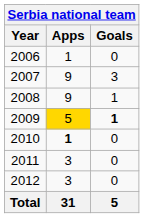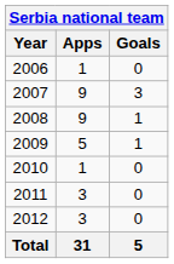 <table class="wikitable" style="text-align:center">
 <tr>
 <th colspan=3><a href='#'>Serbia national team</a></th>
 </tr>
 <tr>
 <th>Year</th>
 <th>Apps</th>
 <th>Goals</th>
 </tr>
 <tr>
 <td>2006</td>
 <td>1</td>
 <td>0</td>
 </tr>
 <tr>
 <td>2007</td>
 <td>9</td>
 <td>3</td>
 </tr>
 <tr>
 <td>2008</td>
 <td>9</td>
 <td>1</td>
 </tr>
 <tr>
 <td>2009</td>
-<td style="background: gold;">5</td>
-<td><strong>1</strong></td>
+<td>5</td>
+<td>1</td>
 </tr>
 <tr>
 <td>2010</td>
-<td><strong>1</strong></td>
+<td>1</td>
 <td>0</td>
 </tr>
 <tr>
 <td>2011</td>
 <td>3</td>
 <td>0</td>
 </tr>
 <tr>
 <td>2012</td>
 <td>3</td>
 <td>0</td>
 </tr>
 <tr>
 <th>Total</th>
 <th>31</th>
 <th>5</th>
 </tr>
 </table>
